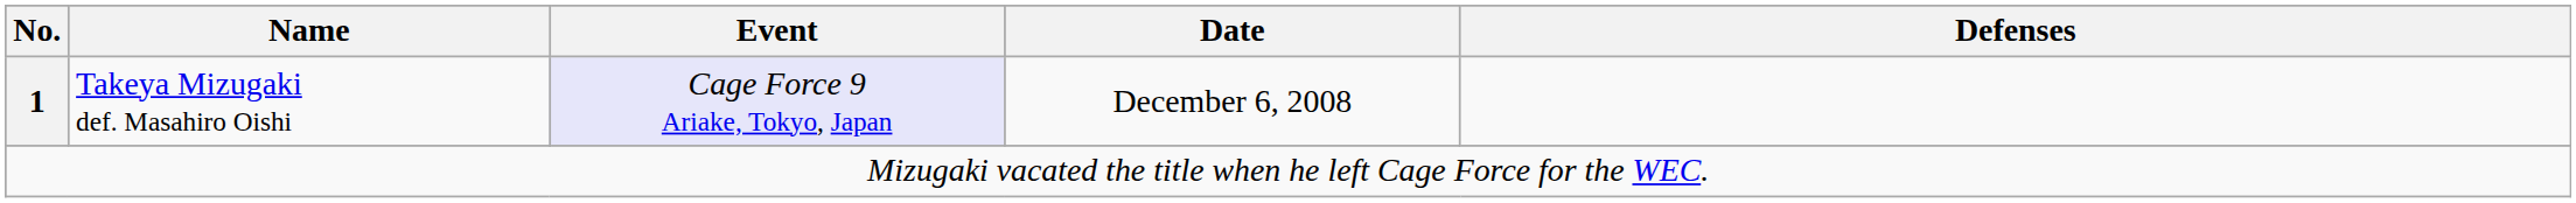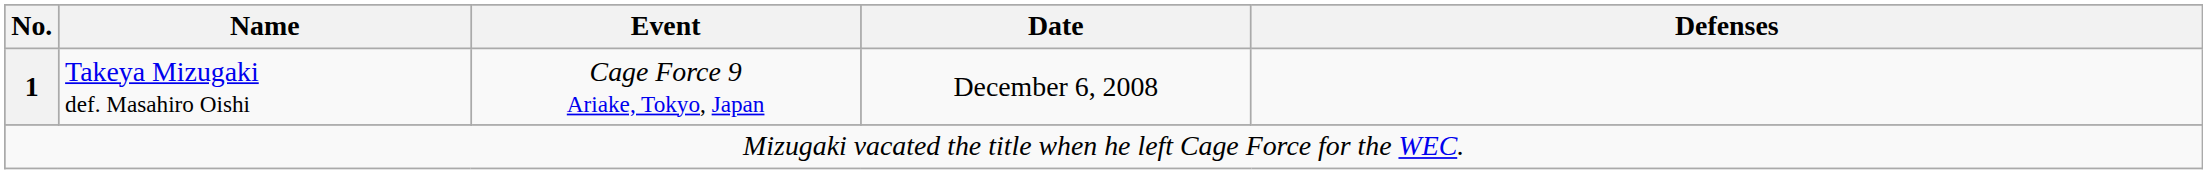 <table class="wikitable" width=100%>
 <tr>
 <th width=1%>No.</th>
 <th width=19%>Name</th>
 <th width=18%>Event</th>
 <th width=18%>Date</th>
 <th width=44%>Defenses</th>
 </tr>
 <tr>
 <th>1</th>
 <td align=left> <a href='#'>Takeya Mizugaki</a><br><small>def. Masahiro Oishi</small></td>
-<td align=center style="background: lavender;"><em>Cage Force 9</em><br><small><a href='#'>Ariake, Tokyo</a>, <a href='#'>Japan</a></small></td>
+<td align=center><em>Cage Force 9</em><br><small><a href='#'>Ariake, Tokyo</a>, <a href='#'>Japan</a></small></td>
 <td align=center>December 6, 2008</td>
 <td></td>
 </tr>
 <tr>
 <td align="center" colspan="5"><em>Mizugaki vacated the title when he left Cage Force for the <a href='#'>WEC</a>.</em></td>
 </tr>
 </table>
